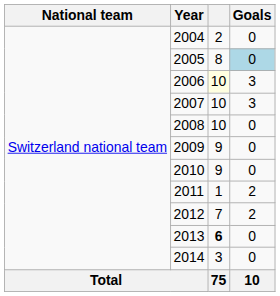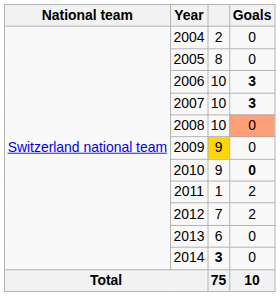 <table class="wikitable" style="text-align: center">
 <tr>
 <th>National team</th>
 <th>Year</th>
 <th></th>
 <th>Goals</th>
 </tr>
 <tr>
 <td rowspan="11"><a href='#'>Switzerland national team</a></td>
 <td>2004</td>
 <td>2</td>
 <td>0</td>
 </tr>
 <tr>
 <td>2005</td>
 <td>8</td>
-<td style="background: lightblue;">0</td>
+<td>0</td>
 </tr>
 <tr>
 <td>2006</td>
-<td style="background: lightyellow;">10</td>
-<td>3</td>
+<td>10</td>
+<td><strong>3</strong></td>
 </tr>
 <tr>
 <td>2007</td>
 <td>10</td>
-<td>3</td>
+<td><strong>3</strong></td>
 </tr>
 <tr>
 <td>2008</td>
 <td>10</td>
-<td>0</td>
+<td style="background: lightsalmon;">0</td>
 </tr>
 <tr>
 <td>2009</td>
-<td>9</td>
+<td style="background: gold;">9</td>
 <td>0</td>
 </tr>
 <tr>
 <td>2010</td>
 <td>9</td>
-<td>0</td>
+<td><strong>0</strong></td>
 </tr>
 <tr>
 <td>2011</td>
 <td>1</td>
 <td>2</td>
 </tr>
 <tr>
 <td>2012</td>
 <td>7</td>
 <td>2</td>
 </tr>
 <tr>
 <td>2013</td>
-<td><strong>6</strong></td>
+<td>6</td>
 <td>0</td>
 </tr>
 <tr>
 <td>2014</td>
-<td>3</td>
+<td><strong>3</strong></td>
 <td>0</td>
 </tr>
 <tr>
 <th colspan="2">Total</th>
 <th>75</th>
 <th>10</th>
 </tr>
 </table>
